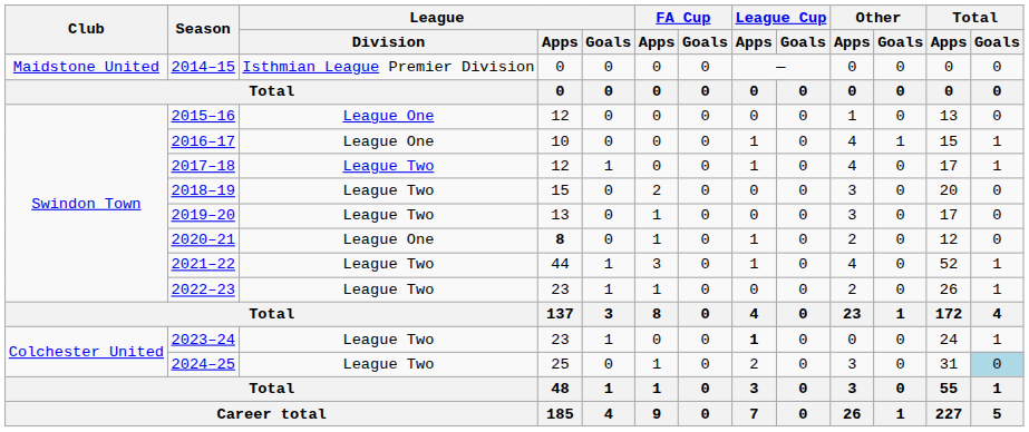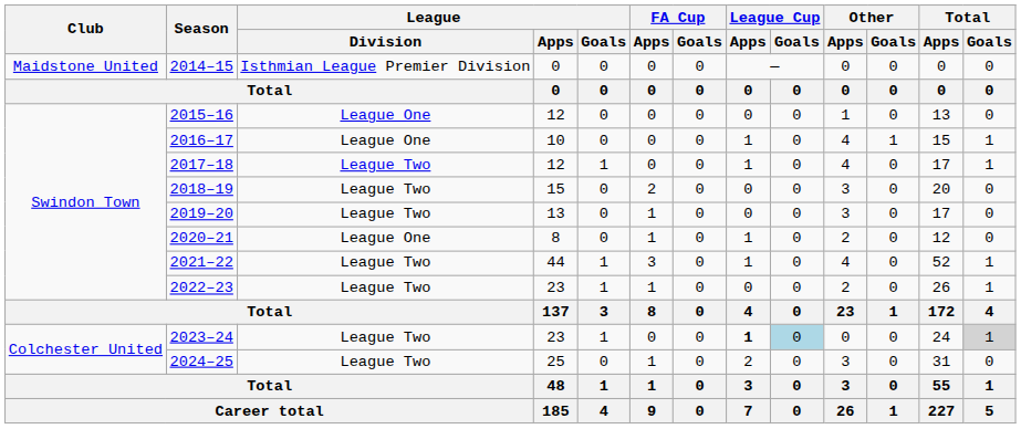 <table class=wikitable style="text-align: center">
 <tr>
 <th rowspan=2>Club</th>
 <th rowspan=2>Season</th>
 <th colspan=3>League</th>
 <th colspan=2><a href='#'>FA Cup</a></th>
 <th colspan=2><a href='#'>League Cup</a></th>
 <th colspan=2>Other</th>
 <th colspan=2>Total</th>
 </tr>
 <tr>
 <th>Division</th>
 <th>Apps</th>
 <th>Goals</th>
 <th>Apps</th>
 <th>Goals</th>
 <th>Apps</th>
 <th>Goals</th>
 <th>Apps</th>
 <th>Goals</th>
 <th>Apps</th>
 <th>Goals</th>
 </tr>
 <tr>
 <td rowspan=1><a href='#'>Maidstone United</a></td>
 <td><a href='#'>2014–15</a></td>
 <td><a href='#'>Isthmian League</a> Premier Division</td>
 <td>0</td>
 <td>0</td>
 <td>0</td>
 <td>0</td>
 <td colspan="2">—</td>
 <td>0</td>
 <td>0</td>
 <td>0</td>
 <td>0</td>
 </tr>
 <tr>
 <th colspan=3>Total</th>
 <th>0</th>
 <th>0</th>
 <th>0</th>
 <th>0</th>
 <th>0</th>
 <th>0</th>
 <th>0</th>
 <th>0</th>
 <th>0</th>
 <th>0</th>
 </tr>
 <tr>
 <td rowspan=8><a href='#'>Swindon Town</a></td>
 <td><a href='#'>2015–16</a></td>
 <td><a href='#'>League One</a></td>
 <td>12</td>
 <td>0</td>
 <td>0</td>
 <td>0</td>
 <td>0</td>
 <td>0</td>
 <td>1</td>
 <td>0</td>
 <td>13</td>
 <td>0</td>
 </tr>
 <tr>
 <td><a href='#'>2016–17</a></td>
 <td>League One</td>
 <td>10</td>
 <td>0</td>
 <td>0</td>
 <td>0</td>
 <td>1</td>
 <td>0</td>
 <td>4</td>
 <td>1</td>
 <td>15</td>
 <td>1</td>
 </tr>
 <tr>
 <td><a href='#'>2017–18</a></td>
 <td><a href='#'>League Two</a></td>
 <td>12</td>
 <td>1</td>
 <td>0</td>
 <td>0</td>
 <td>1</td>
 <td>0</td>
 <td>4</td>
 <td>0</td>
 <td>17</td>
 <td>1</td>
 </tr>
 <tr>
 <td><a href='#'>2018–19</a></td>
 <td>League Two</td>
 <td>15</td>
 <td>0</td>
 <td>2</td>
 <td>0</td>
 <td>0</td>
 <td>0</td>
 <td>3</td>
 <td>0</td>
 <td>20</td>
 <td>0</td>
 </tr>
 <tr>
 <td><a href='#'>2019–20</a></td>
 <td>League Two</td>
 <td>13</td>
 <td>0</td>
 <td>1</td>
 <td>0</td>
 <td>0</td>
 <td>0</td>
 <td>3</td>
 <td>0</td>
 <td>17</td>
 <td>0</td>
 </tr>
 <tr>
 <td><a href='#'>2020–21</a></td>
 <td>League One</td>
-<td><strong>8</strong></td>
+<td>8</td>
 <td>0</td>
 <td>1</td>
 <td>0</td>
 <td>1</td>
 <td>0</td>
 <td>2</td>
 <td>0</td>
 <td>12</td>
 <td>0</td>
 </tr>
 <tr>
 <td><a href='#'>2021–22</a></td>
 <td>League Two</td>
 <td>44</td>
 <td>1</td>
 <td>3</td>
 <td>0</td>
 <td>1</td>
 <td>0</td>
 <td>4</td>
 <td>0</td>
 <td>52</td>
 <td>1</td>
 </tr>
 <tr>
 <td><a href='#'>2022–23</a></td>
 <td>League Two</td>
 <td>23</td>
 <td>1</td>
 <td>1</td>
 <td>0</td>
 <td>0</td>
 <td>0</td>
 <td>2</td>
 <td>0</td>
 <td>26</td>
 <td>1</td>
 </tr>
 <tr>
 <th colspan=3>Total</th>
 <th>137</th>
 <th>3</th>
 <th>8</th>
 <th>0</th>
 <th>4</th>
 <th>0</th>
 <th>23</th>
 <th>1</th>
 <th>172</th>
 <th>4</th>
 </tr>
 <tr>
 <td rowspan=2><a href='#'>Colchester United</a></td>
 <td><a href='#'>2023–24</a></td>
 <td>League Two</td>
 <td>23</td>
 <td>1</td>
 <td>0</td>
 <td>0</td>
 <td><strong>1</strong></td>
-<td>0</td>
+<td style="background: lightblue;">0</td>
 <td>0</td>
 <td>0</td>
 <td>24</td>
-<td>1</td>
+<td style="background: lightgrey;">1</td>
 </tr>
 <tr>
 <td><a href='#'>2024–25</a></td>
 <td>League Two</td>
 <td>25</td>
 <td>0</td>
 <td>1</td>
 <td>0</td>
 <td>2</td>
 <td>0</td>
 <td>3</td>
 <td>0</td>
 <td>31</td>
-<td style="background: lightblue;">0</td>
+<td>0</td>
 </tr>
 <tr>
 <th colspan=3>Total</th>
 <th>48</th>
 <th>1</th>
 <th>1</th>
 <th>0</th>
 <th>3</th>
 <th>0</th>
 <th>3</th>
 <th>0</th>
 <th>55</th>
 <th>1</th>
 </tr>
 <tr>
 <th colspan=3>Career total</th>
 <th>185</th>
 <th>4</th>
 <th>9</th>
 <th>0</th>
 <th>7</th>
 <th>0</th>
 <th>26</th>
 <th>1</th>
 <th>227</th>
 <th>5</th>
 </tr>
 </table>
